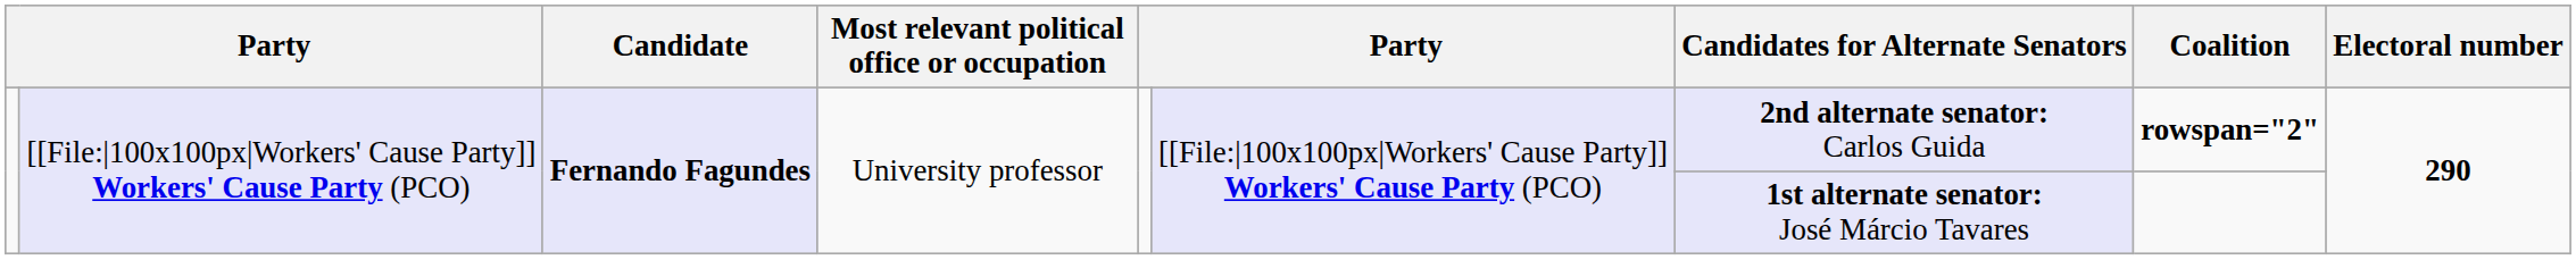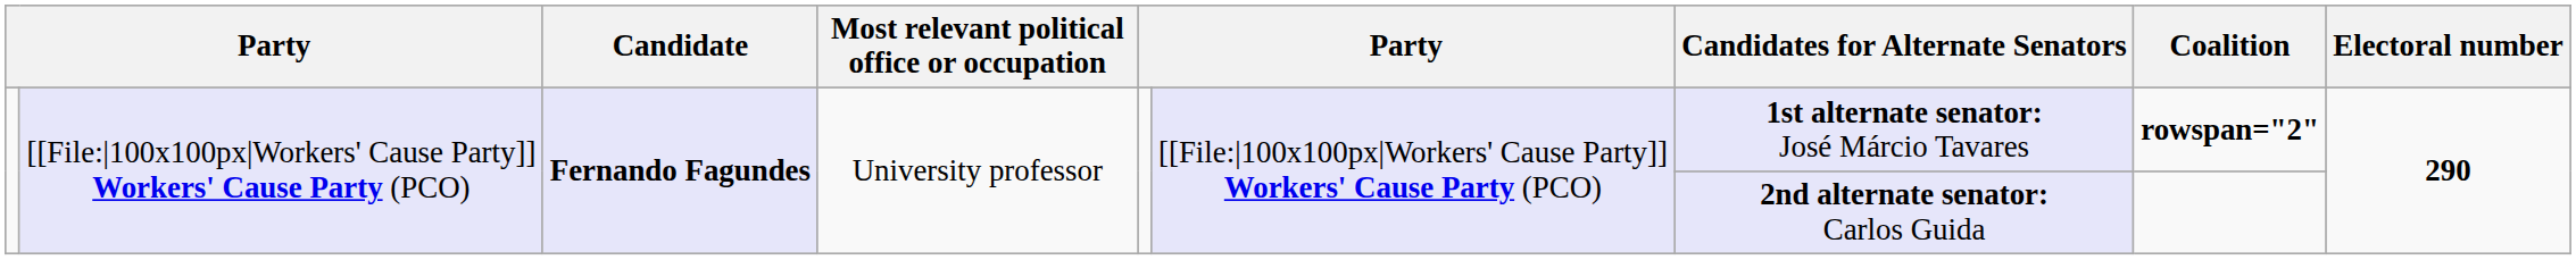 <table class="wikitable" style="text-align:center">
 <tr>
 <th colspan="2">Party</th>
 <th>Candidate</th>
 <th style="max-width:10em">Most relevant political office or occupation</th>
 <th colspan="2">Party</th>
 <th>Candidates for Alternate Senators</th>
 <th>Coalition</th>
 <th>Electoral number</th>
 </tr>
 <tr>
 <td rowspan="2" style="background:"></td>
 <td rowspan="2" style="background:lavender;" max-width:150px>[[File:|100x100px|Workers' Cause Party]]<br><strong><a href='#'>Workers' Cause Party</a></strong> (PCO)</td>
 <td rowspan="2" style="background:lavender;" max-width:150px><strong>Fernando Fagundes</strong></td>
 <td rowspan="2" style="max-width:10em">University professor</td>
 <td rowspan="2" style="background:"></td>
 <td rowspan="2" style="background:lavender;" max-width:150px>[[File:|100x100px|Workers' Cause Party]]<br><strong><a href='#'>Workers' Cause Party</a></strong> (PCO)</td>
-<td style="background:lavender;"><strong>2nd alternate senator:</strong><br>Carlos Guida</td>
+<td style="background:lavender;"><strong>1st alternate senator:</strong><br>José Márcio Tavares</td>
 <td><strong>rowspan="2" </strong></td>
 <td rowspan="2"><strong>290</strong></td>
 </tr>
 <tr>
-<td style="background:lavender;"><strong>1st alternate senator:</strong><br>José Márcio Tavares</td>
+<td style="background:lavender;"><strong>2nd alternate senator:</strong><br>Carlos Guida</td>
 </tr>
 </table>
